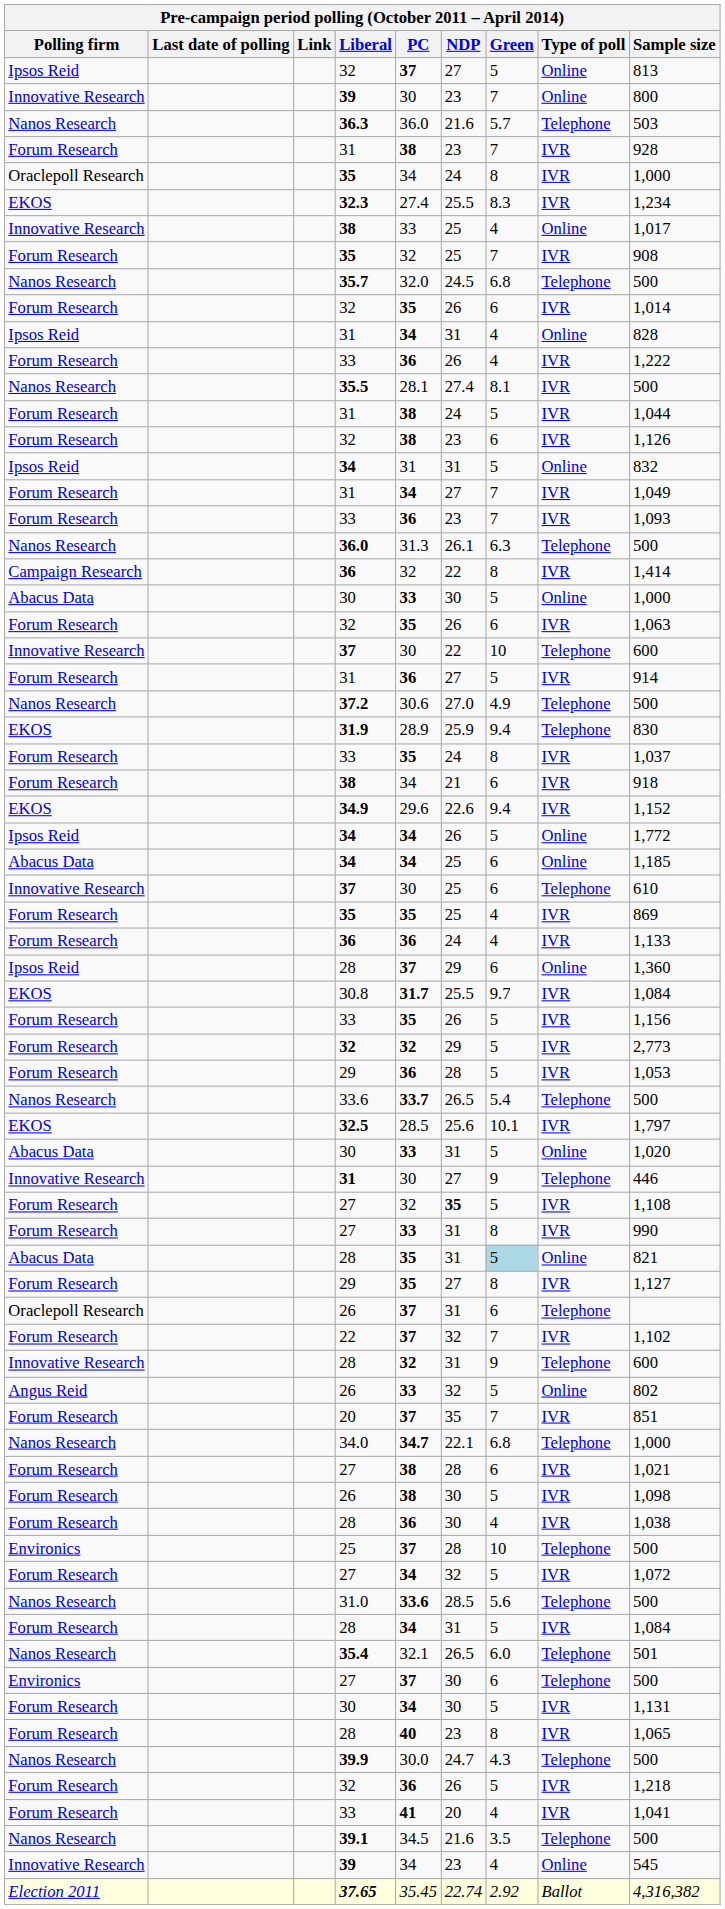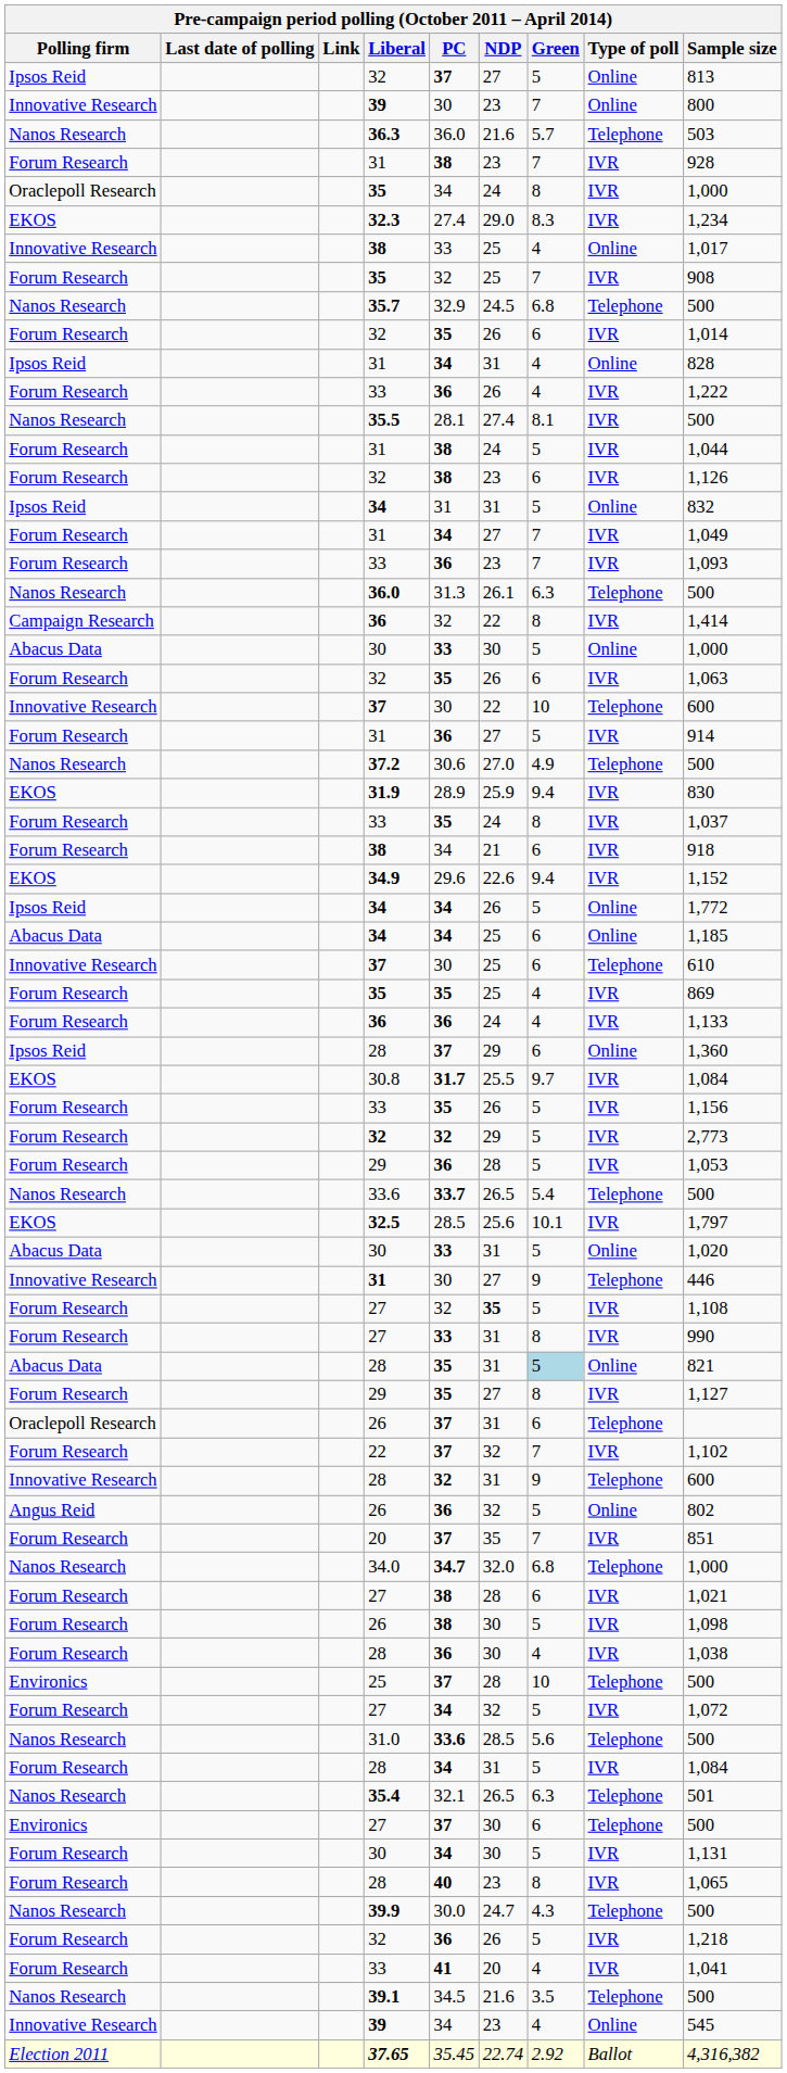 <table class="wikitable mw-collapsible sortable mw-collapsed">
 <tr style="background:#e9e9e9;">
 <th style="width:640px,;" colspan="10">Pre-campaign period polling (October 2011 – April 2014)</th>
 </tr>
 <tr style="background:#e9e9e9;">
 <th>Polling firm</th>
 <th>Last date of polling</th>
 <th class=unsortable>Link</th>
 <th style="background-color:"><strong><a href='#'>Liberal</a></strong></th>
 <th style="background-color:"><strong><a href='#'>PC</a></strong></th>
 <th style="background-color:"><strong><a href='#'>NDP</a></strong></th>
 <th style="background-color:"><strong><a href='#'>Green</a></strong></th>
 <th>Type of poll</th>
 <th>Sample size</th>
 </tr>
 <tr>
 <td><a href='#'>Ipsos Reid</a></td>
 <td></td>
 <td></td>
 <td>32</td>
 <td><strong>37</strong></td>
 <td>27</td>
 <td>5</td>
 <td><a href='#'>Online</a></td>
 <td>813</td>
 </tr>
 <tr>
 <td><a href='#'>Innovative Research</a></td>
 <td></td>
 <td></td>
 <td><strong>39</strong></td>
 <td>30</td>
 <td>23</td>
 <td>7</td>
 <td><a href='#'>Online</a></td>
 <td>800</td>
 </tr>
 <tr>
 <td><a href='#'>Nanos Research</a></td>
 <td></td>
 <td></td>
 <td><strong>36.3</strong></td>
 <td>36.0</td>
 <td>21.6</td>
 <td>5.7</td>
 <td><a href='#'>Telephone</a></td>
 <td>503</td>
 </tr>
 <tr>
 <td><a href='#'>Forum Research</a></td>
 <td></td>
 <td> </td>
 <td>31</td>
 <td><strong>38</strong></td>
 <td>23</td>
 <td>7</td>
 <td><a href='#'>IVR</a></td>
 <td>928</td>
 </tr>
 <tr>
 <td>Oraclepoll Research</td>
 <td></td>
 <td></td>
 <td><strong>35</strong></td>
 <td>34</td>
 <td>24</td>
 <td>8</td>
 <td><a href='#'>IVR</a></td>
 <td>1,000</td>
 </tr>
 <tr>
 <td><a href='#'>EKOS</a></td>
 <td></td>
 <td></td>
 <td><strong>32.3</strong></td>
 <td>27.4</td>
-<td>25.5</td>
+<td>29.0</td>
 <td>8.3</td>
 <td><a href='#'>IVR</a></td>
 <td>1,234</td>
 </tr>
 <tr>
 <td><a href='#'>Innovative Research</a></td>
 <td></td>
 <td></td>
 <td><strong>38</strong></td>
 <td>33</td>
 <td>25</td>
 <td>4</td>
 <td><a href='#'>Online</a></td>
 <td>1,017</td>
 </tr>
 <tr>
 <td><a href='#'>Forum Research</a></td>
 <td></td>
 <td> </td>
 <td><strong>35</strong></td>
 <td>32</td>
 <td>25</td>
 <td>7</td>
 <td><a href='#'>IVR</a></td>
 <td>908</td>
 </tr>
 <tr>
 <td><a href='#'>Nanos Research</a></td>
 <td></td>
 <td></td>
 <td><strong>35.7</strong></td>
-<td>32.0</td>
+<td>32.9</td>
 <td>24.5</td>
 <td>6.8</td>
 <td><a href='#'>Telephone</a></td>
 <td>500</td>
 </tr>
 <tr>
 <td><a href='#'>Forum Research</a></td>
 <td></td>
 <td></td>
 <td>32</td>
 <td><strong>35</strong></td>
 <td>26</td>
 <td>6</td>
 <td><a href='#'>IVR</a></td>
 <td>1,014</td>
 </tr>
 <tr>
 <td><a href='#'>Ipsos Reid</a></td>
 <td></td>
 <td></td>
 <td>31</td>
 <td><strong>34</strong></td>
 <td>31</td>
 <td>4</td>
 <td><a href='#'>Online</a></td>
 <td>828</td>
 </tr>
 <tr>
 <td><a href='#'>Forum Research</a></td>
 <td></td>
 <td></td>
 <td>33</td>
 <td><strong>36</strong></td>
 <td>26</td>
 <td>4</td>
 <td><a href='#'>IVR</a></td>
 <td>1,222</td>
 </tr>
 <tr>
 <td><a href='#'>Nanos Research</a></td>
 <td></td>
 <td></td>
 <td><strong>35.5</strong></td>
 <td>28.1</td>
 <td>27.4</td>
 <td>8.1</td>
 <td><a href='#'>IVR</a></td>
 <td>500</td>
 </tr>
 <tr>
 <td><a href='#'>Forum Research</a></td>
 <td></td>
 <td></td>
 <td>31</td>
 <td><strong>38</strong></td>
 <td>24</td>
 <td>5</td>
 <td><a href='#'>IVR</a></td>
 <td>1,044</td>
 </tr>
 <tr>
 <td><a href='#'>Forum Research</a></td>
 <td></td>
 <td> </td>
 <td>32</td>
 <td><strong>38</strong></td>
 <td>23</td>
 <td>6</td>
 <td><a href='#'>IVR</a></td>
 <td>1,126</td>
 </tr>
 <tr>
 <td><a href='#'>Ipsos Reid</a></td>
 <td></td>
 <td></td>
 <td><strong>34</strong></td>
 <td>31</td>
 <td>31</td>
 <td>5</td>
 <td><a href='#'>Online</a></td>
 <td>832</td>
 </tr>
 <tr>
 <td><a href='#'>Forum Research</a></td>
 <td></td>
 <td></td>
 <td>31</td>
 <td><strong>34</strong></td>
 <td>27</td>
 <td>7</td>
 <td><a href='#'>IVR</a></td>
 <td>1,049</td>
 </tr>
 <tr>
 <td><a href='#'>Forum Research</a></td>
 <td></td>
 <td></td>
 <td>33</td>
 <td><strong>36</strong></td>
 <td>23</td>
 <td>7</td>
 <td><a href='#'>IVR</a></td>
 <td>1,093</td>
 </tr>
 <tr>
 <td><a href='#'>Nanos Research</a></td>
 <td></td>
 <td></td>
 <td><strong>36.0</strong></td>
 <td>31.3</td>
 <td>26.1</td>
 <td>6.3</td>
 <td><a href='#'>Telephone</a></td>
 <td>500</td>
 </tr>
 <tr>
 <td><a href='#'>Campaign Research</a></td>
 <td></td>
 <td></td>
 <td><strong>36</strong></td>
 <td>32</td>
 <td>22</td>
 <td>8</td>
 <td><a href='#'>IVR</a></td>
 <td>1,414</td>
 </tr>
 <tr>
 <td><a href='#'>Abacus Data</a></td>
 <td></td>
 <td></td>
 <td>30</td>
 <td><strong>33</strong></td>
 <td>30</td>
 <td>5</td>
 <td><a href='#'>Online</a></td>
 <td>1,000</td>
 </tr>
 <tr>
 <td><a href='#'>Forum Research</a></td>
 <td></td>
 <td></td>
 <td>32</td>
 <td><strong>35</strong></td>
 <td>26</td>
 <td>6</td>
 <td><a href='#'>IVR</a></td>
 <td>1,063</td>
 </tr>
 <tr>
 <td><a href='#'>Innovative Research</a></td>
 <td></td>
 <td></td>
 <td><strong>37</strong></td>
 <td>30</td>
 <td>22</td>
 <td>10</td>
 <td><a href='#'>Telephone</a></td>
 <td>600</td>
 </tr>
 <tr>
 <td><a href='#'>Forum Research</a></td>
 <td></td>
 <td></td>
 <td>31</td>
 <td><strong>36</strong></td>
 <td>27</td>
 <td>5</td>
 <td><a href='#'>IVR</a></td>
 <td>914</td>
 </tr>
 <tr>
 <td><a href='#'>Nanos Research</a></td>
 <td></td>
 <td></td>
 <td><strong>37.2</strong></td>
 <td>30.6</td>
 <td>27.0</td>
 <td>4.9</td>
 <td><a href='#'>Telephone</a></td>
 <td>500</td>
 </tr>
 <tr>
 <td><a href='#'>EKOS</a></td>
 <td></td>
 <td></td>
 <td><strong>31.9</strong></td>
 <td>28.9</td>
 <td>25.9</td>
 <td>9.4</td>
-<td><a href='#'>Telephone</a></td>
+<td><a href='#'>IVR</a></td>
 <td>830</td>
 </tr>
 <tr>
 <td><a href='#'>Forum Research</a></td>
 <td></td>
 <td></td>
 <td>33</td>
 <td><strong>35</strong></td>
 <td>24</td>
 <td>8</td>
 <td><a href='#'>IVR</a></td>
 <td>1,037</td>
 </tr>
 <tr>
 <td><a href='#'>Forum Research</a></td>
 <td></td>
 <td></td>
 <td><strong>38</strong></td>
 <td>34</td>
 <td>21</td>
 <td>6</td>
 <td><a href='#'>IVR</a></td>
 <td>918</td>
 </tr>
 <tr>
 <td><a href='#'>EKOS</a></td>
 <td></td>
 <td></td>
 <td><strong>34.9</strong></td>
 <td>29.6</td>
 <td>22.6</td>
 <td>9.4</td>
 <td><a href='#'>IVR</a></td>
 <td>1,152</td>
 </tr>
 <tr>
 <td><a href='#'>Ipsos Reid</a></td>
 <td></td>
 <td></td>
 <td><strong>34</strong></td>
 <td><strong>34</strong></td>
 <td>26</td>
 <td>5</td>
 <td><a href='#'>Online</a></td>
 <td>1,772</td>
 </tr>
 <tr>
 <td><a href='#'>Abacus Data</a></td>
 <td></td>
 <td></td>
 <td><strong>34</strong></td>
 <td><strong>34</strong></td>
 <td>25</td>
 <td>6</td>
 <td><a href='#'>Online</a></td>
 <td>1,185</td>
 </tr>
 <tr>
 <td><a href='#'>Innovative Research</a></td>
 <td></td>
 <td></td>
 <td><strong>37</strong></td>
 <td>30</td>
 <td>25</td>
 <td>6</td>
 <td><a href='#'>Telephone</a></td>
 <td>610</td>
 </tr>
 <tr>
 <td><a href='#'>Forum Research</a></td>
 <td></td>
 <td></td>
 <td><strong>35</strong></td>
 <td><strong>35</strong></td>
 <td>25</td>
 <td>4</td>
 <td><a href='#'>IVR</a></td>
 <td>869</td>
 </tr>
 <tr>
 <td><a href='#'>Forum Research</a></td>
 <td></td>
 <td></td>
 <td><strong>36</strong></td>
 <td><strong>36</strong></td>
 <td>24</td>
 <td>4</td>
 <td><a href='#'>IVR</a></td>
 <td>1,133</td>
 </tr>
 <tr>
 <td><a href='#'>Ipsos Reid</a></td>
 <td></td>
 <td></td>
 <td>28</td>
 <td><strong>37</strong></td>
 <td>29</td>
 <td>6</td>
 <td><a href='#'>Online</a></td>
 <td>1,360</td>
 </tr>
 <tr>
 <td><a href='#'>EKOS</a></td>
 <td></td>
 <td></td>
 <td>30.8</td>
 <td><strong>31.7</strong></td>
 <td>25.5</td>
 <td>9.7</td>
 <td><a href='#'>IVR</a></td>
 <td>1,084</td>
 </tr>
 <tr>
 <td><a href='#'>Forum Research</a></td>
 <td></td>
 <td></td>
 <td>33</td>
 <td><strong>35</strong></td>
 <td>26</td>
 <td>5</td>
 <td><a href='#'>IVR</a></td>
 <td>1,156</td>
 </tr>
 <tr>
 <td><a href='#'>Forum Research</a></td>
 <td></td>
 <td></td>
 <td><strong>32</strong></td>
 <td><strong>32</strong></td>
 <td>29</td>
 <td>5</td>
 <td><a href='#'>IVR</a></td>
 <td>2,773</td>
 </tr>
 <tr>
 <td><a href='#'>Forum Research</a></td>
 <td></td>
 <td></td>
 <td>29</td>
 <td><strong>36</strong></td>
 <td>28</td>
 <td>5</td>
 <td><a href='#'>IVR</a></td>
 <td>1,053</td>
 </tr>
 <tr>
 <td><a href='#'>Nanos Research</a></td>
 <td></td>
 <td></td>
 <td>33.6</td>
 <td><strong>33.7</strong></td>
 <td>26.5</td>
 <td>5.4</td>
 <td><a href='#'>Telephone</a></td>
 <td>500</td>
 </tr>
 <tr>
 <td><a href='#'>EKOS</a></td>
 <td></td>
 <td></td>
 <td><strong>32.5</strong></td>
 <td>28.5</td>
 <td>25.6</td>
 <td>10.1</td>
 <td><a href='#'>IVR</a></td>
 <td>1,797</td>
 </tr>
 <tr>
 <td><a href='#'>Abacus Data</a></td>
 <td></td>
 <td> </td>
 <td>30</td>
 <td><strong>33</strong></td>
 <td>31</td>
 <td>5</td>
 <td><a href='#'>Online</a></td>
 <td>1,020</td>
 </tr>
 <tr>
 <td><a href='#'>Innovative Research</a></td>
 <td></td>
 <td></td>
 <td><strong>31</strong></td>
 <td>30</td>
 <td>27</td>
 <td>9</td>
 <td><a href='#'>Telephone</a></td>
 <td>446</td>
 </tr>
 <tr>
 <td><a href='#'>Forum Research</a></td>
 <td></td>
 <td></td>
 <td>27</td>
 <td>32</td>
 <td><strong>35</strong></td>
 <td>5</td>
 <td><a href='#'>IVR</a></td>
 <td>1,108</td>
 </tr>
 <tr>
 <td><a href='#'>Forum Research</a></td>
 <td></td>
 <td></td>
 <td>27</td>
 <td><strong>33</strong></td>
 <td>31</td>
 <td>8</td>
 <td><a href='#'>IVR</a></td>
 <td>990</td>
 </tr>
 <tr>
 <td><a href='#'>Abacus Data</a></td>
 <td></td>
 <td> </td>
 <td>28</td>
 <td><strong>35</strong></td>
 <td>31</td>
 <td style="background: lightblue;">5</td>
 <td><a href='#'>Online</a></td>
 <td>821</td>
 </tr>
 <tr>
 <td><a href='#'>Forum Research</a></td>
 <td></td>
 <td></td>
 <td>29</td>
 <td><strong>35</strong></td>
 <td>27</td>
 <td>8</td>
 <td><a href='#'>IVR</a></td>
 <td>1,127</td>
 </tr>
 <tr>
 <td>Oraclepoll Research</td>
 <td></td>
 <td></td>
 <td>26</td>
 <td><strong>37</strong></td>
 <td>31</td>
 <td>6</td>
 <td><a href='#'>Telephone</a></td>
 <td></td>
 </tr>
 <tr>
 <td><a href='#'>Forum Research</a></td>
 <td></td>
 <td></td>
 <td>22</td>
 <td><strong>37</strong></td>
 <td>32</td>
 <td>7</td>
 <td><a href='#'>IVR</a></td>
 <td>1,102</td>
 </tr>
 <tr>
 <td><a href='#'>Innovative Research</a></td>
 <td></td>
 <td></td>
 <td>28</td>
 <td><strong>32</strong></td>
 <td>31</td>
 <td>9</td>
 <td><a href='#'>Telephone</a></td>
 <td>600</td>
 </tr>
 <tr>
 <td><a href='#'>Angus Reid</a></td>
 <td></td>
 <td></td>
 <td>26</td>
-<td><strong>33</strong></td>
+<td><strong>36</strong></td>
 <td>32</td>
 <td>5</td>
 <td><a href='#'>Online</a></td>
 <td>802</td>
 </tr>
 <tr>
 <td><a href='#'>Forum Research</a></td>
 <td></td>
 <td></td>
 <td>20</td>
 <td><strong>37</strong></td>
 <td>35</td>
 <td>7</td>
 <td><a href='#'>IVR</a></td>
 <td>851</td>
 </tr>
 <tr>
 <td><a href='#'>Nanos Research</a></td>
 <td></td>
 <td></td>
 <td>34.0</td>
 <td><strong>34.7</strong></td>
-<td>22.1</td>
+<td>32.0</td>
 <td>6.8</td>
 <td><a href='#'>Telephone</a></td>
 <td>1,000</td>
 </tr>
 <tr>
 <td><a href='#'>Forum Research</a></td>
 <td></td>
 <td></td>
 <td>27</td>
 <td><strong>38</strong></td>
 <td>28</td>
 <td>6</td>
 <td><a href='#'>IVR</a></td>
 <td>1,021</td>
 </tr>
 <tr>
 <td><a href='#'>Forum Research</a></td>
 <td></td>
 <td></td>
 <td>26</td>
 <td><strong>38</strong></td>
 <td>30</td>
 <td>5</td>
 <td><a href='#'>IVR</a></td>
 <td>1,098</td>
 </tr>
 <tr>
 <td><a href='#'>Forum Research</a></td>
 <td></td>
 <td></td>
 <td>28</td>
 <td><strong>36</strong></td>
 <td>30</td>
 <td>4</td>
 <td><a href='#'>IVR</a></td>
 <td>1,038</td>
 </tr>
 <tr>
 <td><a href='#'>Environics</a></td>
 <td></td>
 <td></td>
 <td>25</td>
 <td><strong>37</strong></td>
 <td>28</td>
 <td>10</td>
 <td><a href='#'>Telephone</a></td>
 <td>500</td>
 </tr>
 <tr>
 <td><a href='#'>Forum Research</a></td>
 <td></td>
 <td></td>
 <td>27</td>
 <td><strong>34</strong></td>
 <td>32</td>
 <td>5</td>
 <td><a href='#'>IVR</a></td>
 <td>1,072</td>
 </tr>
 <tr>
 <td><a href='#'>Nanos Research</a></td>
 <td></td>
 <td></td>
 <td>31.0</td>
 <td><strong>33.6</strong></td>
 <td>28.5</td>
 <td>5.6</td>
 <td><a href='#'>Telephone</a></td>
 <td>500</td>
 </tr>
 <tr>
 <td><a href='#'>Forum Research</a></td>
 <td></td>
 <td></td>
 <td>28</td>
 <td><strong>34</strong></td>
 <td>31</td>
 <td>5</td>
 <td><a href='#'>IVR</a></td>
 <td>1,084</td>
 </tr>
 <tr>
 <td><a href='#'>Nanos Research</a></td>
 <td></td>
 <td></td>
 <td><strong>35.4</strong></td>
 <td>32.1</td>
 <td>26.5</td>
-<td>6.0</td>
+<td>6.3</td>
 <td><a href='#'>Telephone</a></td>
 <td>501</td>
 </tr>
 <tr>
 <td><a href='#'>Environics</a></td>
 <td></td>
 <td></td>
 <td>27</td>
 <td><strong>37</strong></td>
 <td>30</td>
 <td>6</td>
 <td><a href='#'>Telephone</a></td>
 <td>500</td>
 </tr>
 <tr>
 <td><a href='#'>Forum Research</a></td>
 <td></td>
 <td></td>
 <td>30</td>
 <td><strong>34</strong></td>
 <td>30</td>
 <td>5</td>
 <td><a href='#'>IVR</a></td>
 <td>1,131</td>
 </tr>
 <tr>
 <td><a href='#'>Forum Research</a></td>
 <td></td>
 <td></td>
 <td>28</td>
 <td><strong>40</strong></td>
 <td>23</td>
 <td>8</td>
 <td><a href='#'>IVR</a></td>
 <td>1,065</td>
 </tr>
 <tr>
 <td><a href='#'>Nanos Research</a></td>
 <td></td>
 <td></td>
 <td><strong>39.9</strong></td>
 <td>30.0</td>
 <td>24.7</td>
 <td>4.3</td>
 <td><a href='#'>Telephone</a></td>
 <td>500</td>
 </tr>
 <tr>
 <td><a href='#'>Forum Research</a></td>
 <td></td>
 <td></td>
 <td>32</td>
 <td><strong>36</strong></td>
 <td>26</td>
 <td>5</td>
 <td><a href='#'>IVR</a></td>
 <td>1,218</td>
 </tr>
 <tr>
 <td><a href='#'>Forum Research</a></td>
 <td></td>
 <td></td>
 <td>33</td>
 <td><strong>41</strong></td>
 <td>20</td>
 <td>4</td>
 <td><a href='#'>IVR</a></td>
 <td>1,041</td>
 </tr>
 <tr>
 <td><a href='#'>Nanos Research</a></td>
 <td></td>
 <td></td>
 <td><strong>39.1</strong></td>
 <td>34.5</td>
 <td>21.6</td>
 <td>3.5</td>
 <td><a href='#'>Telephone</a></td>
 <td>500</td>
 </tr>
 <tr>
 <td><a href='#'>Innovative Research</a></td>
 <td></td>
 <td></td>
 <td><strong>39</strong></td>
 <td>34</td>
 <td>23</td>
 <td>4</td>
 <td><a href='#'>Online</a></td>
 <td>545</td>
 </tr>
 <tr>
 <td style="background:#ffd"><em><a href='#'>Election 2011</a></em></td>
 <td style="background:#ffd"><em></em></td>
 <td style="background:#ffd"><em></em></td>
 <td style="background:#ffd"><strong><em>37.65</em></strong></td>
 <td style="background:#ffd"><em>35.45</em></td>
 <td style="background:#ffd"><em>22.74</em></td>
 <td style="background:#ffd"><em>2.92</em></td>
 <td style="background:#ffd"><em>Ballot</em></td>
 <td style="background:#ffd"><em>4,316,382</em></td>
 </tr>
 </table>
